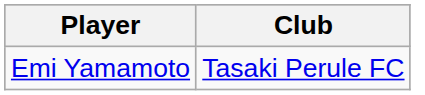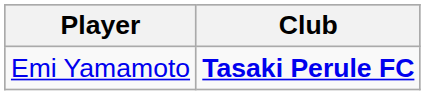 <table class="wikitable">
 <tr>
 <th>Player</th>
 <th>Club</th>
 </tr>
 <tr>
 <td> <a href='#'>Emi Yamamoto</a></td>
-<td><a href='#'>Tasaki Perule FC</a></td>
+<td><strong><a href='#'>Tasaki Perule FC</a></strong></td>
 </tr>
 </table>
